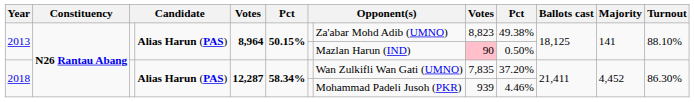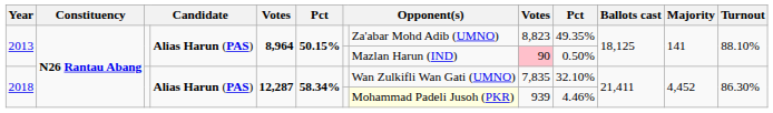 <table class="wikitable" style="margin:0.5em ; font-size:95%">
 <tr>
 <th>Year</th>
 <th>Constituency</th>
 <th colspan=2>Candidate</th>
 <th>Votes</th>
 <th>Pct</th>
 <th colspan=2>Opponent(s)</th>
 <th>Votes</th>
 <th>Pct</th>
 <th>Ballots cast</th>
 <th>Majority</th>
 <th>Turnout</th>
 </tr>
 <tr>
 <td rowspan=2><a href='#'>2013</a></td>
 <td rowspan=4><strong>N26 <a href='#'>Rantau Abang</a></strong></td>
 <td rowspan=2 ></td>
 <td rowspan=2><strong>Alias Harun</strong> (<a href='#'><strong>PAS</strong></a>)</td>
 <td rowspan=2 align="right"><strong>8,964</strong></td>
 <td rowspan=2><strong>50.15%</strong></td>
 <td></td>
 <td>Za'abar Mohd Adib (<a href='#'>UMNO</a>)</td>
 <td align="right">8,823</td>
-<td>49.38%</td>
+<td>49.35%</td>
 <td rowspan=2>18,125</td>
 <td rowspan=2>141</td>
 <td rowspan=2>88.10%</td>
 </tr>
 <tr>
 <td></td>
 <td>Mazlan Harun (<a href='#'>IND</a>)</td>
 <td align="right" style="background: pink;">90</td>
 <td align="right">0.50%</td>
 </tr>
 <tr>
 <td rowspan=2><a href='#'>2018</a></td>
 <td rowspan=2 ></td>
 <td rowspan=2><strong>Alias Harun</strong> (<a href='#'><strong>PAS</strong></a>)</td>
 <td rowspan=2 align="right"><strong>12,287</strong></td>
 <td rowspan=2><strong>58.34%</strong></td>
 <td></td>
 <td>Wan Zulkifli Wan Gati (<a href='#'>UMNO</a>)</td>
 <td align="right">7,835</td>
-<td>37.20%</td>
+<td>32.10%</td>
 <td rowspan=2>21,411</td>
 <td rowspan=2>4,452</td>
 <td rowspan=2>86.30%</td>
 </tr>
 <tr>
 <td></td>
-<td>Mohammad Padeli Jusoh (<a href='#'>PKR</a>)</td>
+<td style="background: lightyellow;">Mohammad Padeli Jusoh (<a href='#'>PKR</a>)</td>
 <td align="right">939</td>
 <td align="right">4.46%</td>
 </tr>
 </table>
